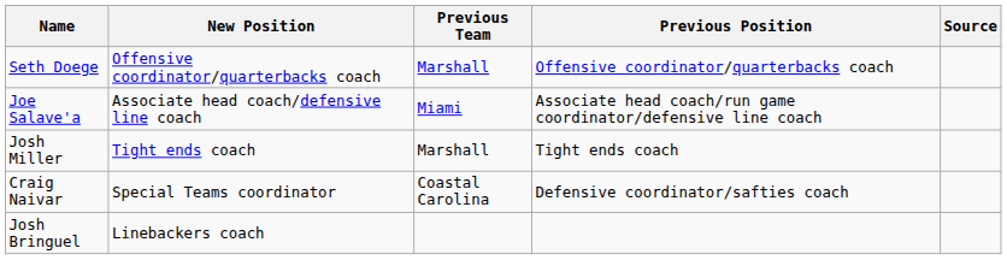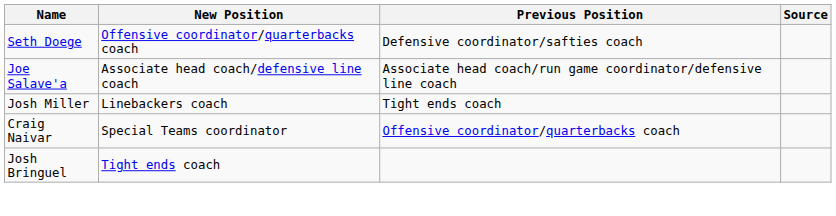 <table class="wikitable">
 <tr>
 <th style="text-align:center; ">Name</th>
 <th style="text-align:center; ">New Position</th>
-<th style="text-align:center; ">Previous Team</th>
 <th style="text-align:center; ">Previous Position</th>
 <th style="text-align:center; ">Source</th>
 </tr>
 <tr>
 <td><a href='#'>Seth Doege</a></td>
 <td><a href='#'>Offensive coordinator</a>/<a href='#'>quarterbacks</a> coach</td>
-<td><a href='#'>Marshall</a></td>
-<td><a href='#'>Offensive coordinator</a>/<a href='#'>quarterbacks</a> coach</td>
+<td>Defensive coordinator/safties coach</td>
 <td></td>
 </tr>
 <tr>
 <td><a href='#'>Joe Salave'a</a></td>
 <td>Associate head coach/<a href='#'>defensive line</a> coach</td>
-<td><a href='#'>Miami</a></td>
 <td>Associate head coach/run game coordinator/defensive line coach</td>
 <td></td>
 </tr>
 <tr>
 <td>Josh Miller</td>
-<td><a href='#'>Tight ends</a> coach</td>
-<td>Marshall</td>
+<td>Linebackers coach</td>
 <td>Tight ends coach</td>
 <td></td>
 </tr>
 <tr>
 <td>Craig Naivar</td>
 <td>Special Teams coordinator</td>
-<td>Coastal Carolina</td>
-<td>Defensive coordinator/safties coach</td>
+<td><a href='#'>Offensive coordinator</a>/<a href='#'>quarterbacks</a> coach</td>
 <td></td>
 </tr>
 <tr>
 <td>Josh Bringuel</td>
-<td>Linebackers coach</td>
-<td></td>
+<td><a href='#'>Tight ends</a> coach</td>
 <td></td>
 <td></td>
 </tr>
 </table>
